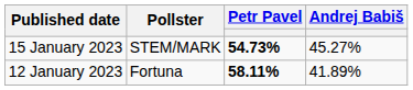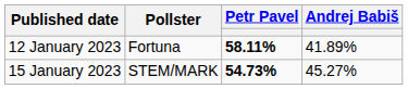 <table class="wikitable" style=text-align:center">
 <tr>
 <th rowspan="2">Published date</th>
 <th rowspan="2">Pollster</th>
 <th><a href='#'>Petr Pavel</a></th>
 <th><a href='#'>Andrej Babiš</a></th>
 </tr>
 <tr>
 <th style="background:"></th>
 <th style="background:"></th>
 </tr>
 <tr>
+<td>12 January 2023</td>
+<td>Fortuna</td>
+<td><strong>58.11%</strong></td>
+<td>41.89%</td>
+</tr>
+<tr>
 <td>15 January 2023</td>
 <td>STEM/MARK</td>
 <td><strong>54.73%</strong></td>
 <td>45.27%</td>
 </tr>
-<tr>
-<td>12 January 2023</td>
-<td>Fortuna</td>
-<td><strong>58.11%</strong></td>
-<td>41.89%</td>
-</tr>
 </table>
